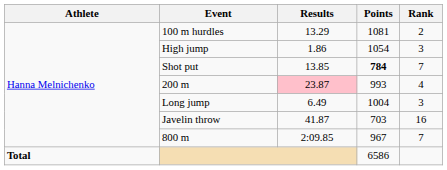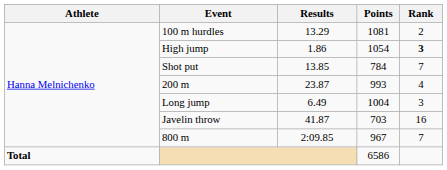 <table class=wikitable style="font-size:90%;">
 <tr>
 <th width=200>Athlete</th>
 <th width=150>Event</th>
 <th width=100>Results</th>
 <th width=50>Points</th>
 <th width=50>Rank</th>
 </tr>
 <tr>
 <td rowspan=7><a href='#'>Hanna Melnichenko</a></td>
 <td>100 m hurdles</td>
 <td align=center>13.29</td>
 <td align=center>1081</td>
 <td align=center>2</td>
 </tr>
 <tr>
 <td>High jump</td>
 <td align=center>1.86</td>
 <td align=center>1054</td>
-<td align=center>3</td>
+<td align=center><strong>3</strong></td>
 </tr>
 <tr>
 <td>Shot put</td>
 <td align=center>13.85</td>
-<td align=center><strong>784</strong></td>
+<td align=center>784</td>
 <td align=center>7</td>
 </tr>
 <tr>
 <td>200 m</td>
-<td align=center style="background: pink;">23.87</td>
+<td align=center>23.87</td>
 <td align=center>993</td>
 <td align=center>4</td>
 </tr>
 <tr>
 <td>Long jump</td>
 <td align=center>6.49</td>
 <td align=center>1004</td>
 <td align=center>3</td>
 </tr>
 <tr>
 <td>Javelin throw</td>
 <td align=center>41.87</td>
 <td align=center>703</td>
 <td align=center>16</td>
 </tr>
 <tr>
 <td>800 m</td>
 <td align=center>2:09.85</td>
 <td align=center>967</td>
 <td align=center>7</td>
 </tr>
 <tr>
 <td><strong>Total</strong></td>
 <td colspan=2 style="background:wheat;"></td>
 <td align=center>6586</td>
 <td align=center></td>
 </tr>
 </table>
